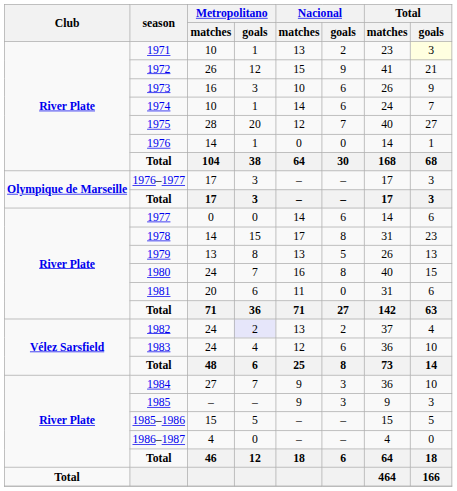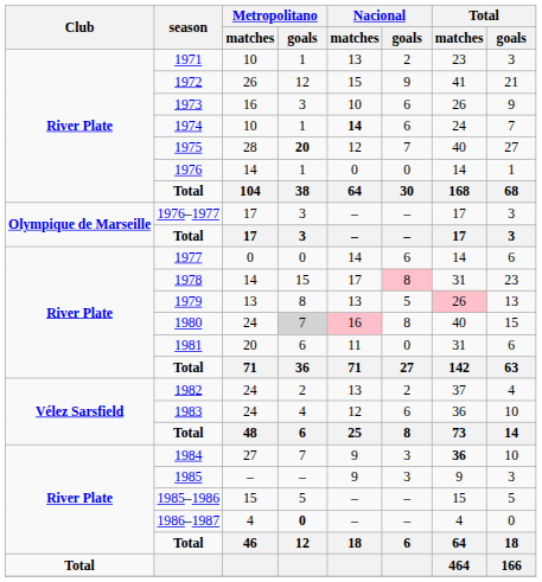 <table class="wikitable alternance" style="text-align: center;">
 <tr>
 <th rowspan="2">Club</th>
 <th rowspan="2">season</th>
 <th colspan="2"><a href='#'>Metropolitano</a></th>
 <th colspan="2"><a href='#'>Nacional</a></th>
 <th colspan="2">Total</th>
 </tr>
 <tr>
 <th width="50px">matches</th>
 <th width="50px">goals</th>
 <th width="50px">matches</th>
 <th width="50px">goals</th>
 <th width="50px">matches</th>
 <th width="50px">goals</th>
 </tr>
 <tr>
 <td rowspan="7" align=center valign=center><strong><a href='#'>River Plate</a></strong><br><small></small></td>
 <td><a href='#'>1971</a></td>
 <td>10</td>
 <td>1</td>
 <td>13</td>
 <td>2</td>
 <td>23</td>
-<td style="background: lightyellow;">3</td>
+<td>3</td>
 </tr>
 <tr>
 <td><a href='#'>1972</a></td>
 <td>26</td>
 <td>12</td>
 <td>15</td>
 <td>9</td>
 <td>41</td>
 <td>21</td>
 </tr>
 <tr>
 <td><a href='#'>1973</a></td>
 <td>16</td>
 <td>3</td>
 <td>10</td>
 <td>6</td>
 <td>26</td>
 <td>9</td>
 </tr>
 <tr>
 <td><a href='#'>1974</a></td>
 <td>10</td>
 <td>1</td>
-<td>14</td>
+<td><strong>14</strong></td>
 <td>6</td>
 <td>24</td>
 <td>7</td>
 </tr>
 <tr>
 <td><a href='#'>1975</a></td>
 <td>28</td>
-<td>20</td>
+<td><strong>20</strong></td>
 <td>12</td>
 <td>7</td>
 <td>40</td>
 <td>27</td>
 </tr>
 <tr>
 <td><a href='#'>1976</a></td>
 <td>14</td>
 <td>1</td>
 <td>0</td>
 <td>0</td>
 <td>14</td>
 <td>1</td>
 </tr>
 <tr>
 <td><strong>Total</strong></td>
 <th>104</th>
 <th>38</th>
 <th>64</th>
 <th>30</th>
 <th>168</th>
 <th>68</th>
 </tr>
 <tr>
 <td rowspan="2" align=center valign=center><strong><a href='#'>Olympique de Marseille</a></strong><br><small></small></td>
 <td><a href='#'>1976</a>–<a href='#'>1977</a></td>
 <td>17</td>
 <td>3</td>
 <td>–</td>
 <td>–</td>
 <td>17</td>
 <td>3</td>
 </tr>
 <tr>
 <td><strong>Total</strong></td>
 <th>17</th>
 <th>3</th>
 <th>–</th>
 <th>–</th>
 <th>17</th>
 <th>3</th>
 </tr>
 <tr>
 <td rowspan="6" align=center valign=center><strong><a href='#'>River Plate</a></strong><br><small></small></td>
 <td><a href='#'>1977</a></td>
 <td>0</td>
 <td>0</td>
 <td>14</td>
 <td>6</td>
 <td>14</td>
 <td>6</td>
 </tr>
 <tr>
 <td><a href='#'>1978</a></td>
 <td>14</td>
 <td>15</td>
 <td>17</td>
-<td>8</td>
+<td style="background: pink;">8</td>
 <td>31</td>
 <td>23</td>
 </tr>
 <tr>
 <td><a href='#'>1979</a></td>
 <td>13</td>
 <td>8</td>
 <td>13</td>
 <td>5</td>
-<td>26</td>
+<td style="background: pink;">26</td>
 <td>13</td>
 </tr>
 <tr>
 <td><a href='#'>1980</a></td>
 <td>24</td>
-<td>7</td>
-<td>16</td>
+<td style="background: lightgrey;">7</td>
+<td style="background: pink;">16</td>
 <td>8</td>
 <td>40</td>
 <td>15</td>
 </tr>
 <tr>
 <td><a href='#'>1981</a></td>
 <td>20</td>
 <td>6</td>
 <td>11</td>
 <td>0</td>
 <td>31</td>
 <td>6</td>
 </tr>
 <tr>
 <td><strong>Total</strong></td>
 <th>71</th>
 <th>36</th>
 <th>71</th>
 <th>27</th>
 <th>142</th>
 <th>63</th>
 </tr>
 <tr>
 <td rowspan="3" align=center valign=center><strong><a href='#'>Vélez Sarsfield</a></strong><br><small></small></td>
 <td><a href='#'>1982</a></td>
 <td>24</td>
-<td style="background: lavender;">2</td>
+<td>2</td>
 <td>13</td>
 <td>2</td>
 <td>37</td>
 <td>4</td>
 </tr>
 <tr>
 <td><a href='#'>1983</a></td>
 <td>24</td>
 <td>4</td>
 <td>12</td>
 <td>6</td>
 <td>36</td>
 <td>10</td>
 </tr>
 <tr>
 <td><strong>Total</strong></td>
 <th>48</th>
 <th>6</th>
 <th>25</th>
 <th>8</th>
 <th>73</th>
 <th>14</th>
 </tr>
 <tr>
 <td rowspan="5" align=center valign=center><strong><a href='#'>River Plate</a></strong><br><small></small></td>
 <td><a href='#'>1984</a></td>
 <td>27</td>
 <td>7</td>
 <td>9</td>
 <td>3</td>
-<td>36</td>
+<td><strong>36</strong></td>
 <td>10</td>
 </tr>
 <tr>
 <td><a href='#'>1985</a></td>
 <td>–</td>
 <td>–</td>
 <td>9</td>
 <td>3</td>
 <td>9</td>
 <td>3</td>
 </tr>
 <tr>
 <td><a href='#'>1985</a>–<a href='#'>1986</a></td>
 <td>15</td>
 <td>5</td>
 <td>–</td>
 <td>–</td>
 <td>15</td>
 <td>5</td>
 </tr>
 <tr>
 <td><a href='#'>1986</a>–<a href='#'>1987</a></td>
 <td>4</td>
-<td>0</td>
+<td><strong>0</strong></td>
 <td>–</td>
 <td>–</td>
 <td>4</td>
 <td>0</td>
 </tr>
 <tr>
 <td><strong>Total</strong></td>
 <th>46</th>
 <th>12</th>
 <th>18</th>
 <th>6</th>
 <th>64</th>
 <th>18</th>
 </tr>
 <tr>
 <td><strong>Total</strong></td>
 <th></th>
 <th></th>
 <th></th>
 <th></th>
 <th></th>
 <th>464</th>
 <th>166</th>
 </tr>
 <tr>
 </tr>
 </table>
